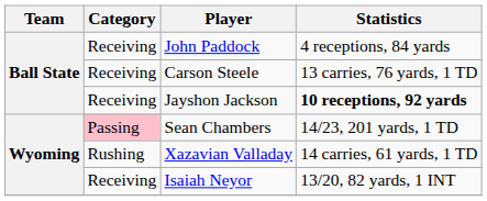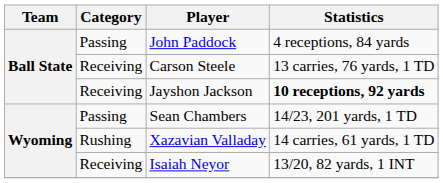 <table class="wikitable" style="float: left;">
 <tr>
 <th>Team</th>
 <th>Category</th>
 <th>Player</th>
 <th>Statistics</th>
 </tr>
 <tr>
 <th rowspan=3>Ball State</th>
-<td>Receiving</td>
+<td>Passing</td>
 <td><a href='#'>John Paddock</a></td>
 <td>4 receptions, 84 yards</td>
 </tr>
 <tr>
 <td>Receiving</td>
 <td>Carson Steele</td>
 <td>13 carries, 76 yards, 1 TD</td>
 </tr>
 <tr>
 <td>Receiving</td>
 <td>Jayshon Jackson</td>
 <td><strong>10 receptions, 92 yards</strong></td>
 </tr>
 <tr>
 <th rowspan=3 style=>Wyoming</th>
-<td style="background: pink;">Passing</td>
+<td>Passing</td>
 <td>Sean Chambers</td>
 <td>14/23, 201 yards, 1 TD</td>
 </tr>
 <tr>
 <td>Rushing</td>
 <td><a href='#'>Xazavian Valladay</a></td>
 <td>14 carries, 61 yards, 1 TD</td>
 </tr>
 <tr>
 <td>Receiving</td>
 <td><a href='#'>Isaiah Neyor</a></td>
 <td>13/20, 82 yards, 1 INT</td>
 </tr>
 <tr>
 </tr>
 </table>
